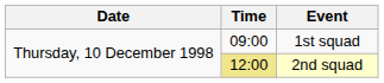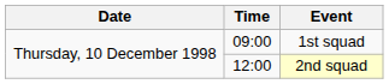 <table class = "wikitable" style="text-align:center;">
 <tr>
 <th width=220>Date</th>
 <th width=50>Time</th>
 <th width=100>Event</th>
 </tr>
 <tr>
 <td rowspan=2>Thursday, 10 December 1998</td>
 <td>09:00</td>
 <td>1st squad</td>
 </tr>
 <tr>
-<td style="background: khaki;">12:00</td>
+<td>12:00</td>
 <td bgcolor=ffffcc>2nd squad</td>
 </tr>
 </table>
